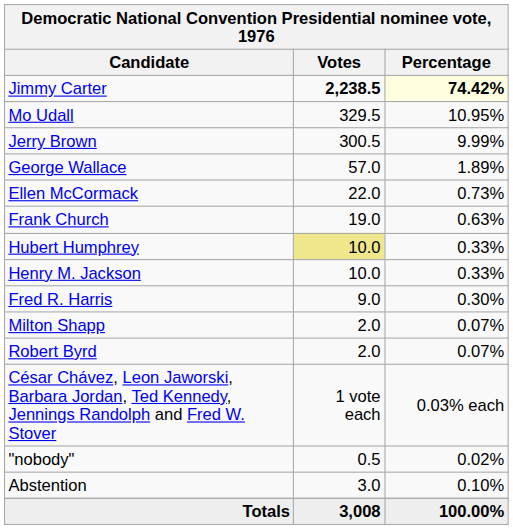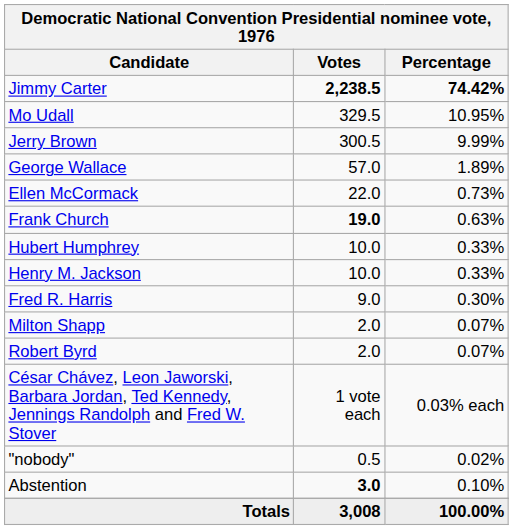 <table class="wikitable" style="font-size:95%;">
 <tr>
 <th colspan="6">Democratic National Convention Presidential nominee vote, 1976</th>
 </tr>
 <tr>
 <th style="width: 17em">Candidate</th>
 <th style="width: 5em">Votes</th>
 <th style="width: 7em">Percentage</th>
 </tr>
 <tr>
 <td><a href='#'>Jimmy Carter</a></td>
 <td style="text-align:right;"><strong>2,238.5 </strong></td>
-<td style="background: lightyellow; text-align:right;"><strong>74.42% </strong></td>
+<td style="text-align:right;"><strong>74.42% </strong></td>
 </tr>
 <tr>
 <td><a href='#'>Mo Udall</a></td>
 <td style="text-align:right;">329.5</td>
 <td style="text-align:right;">10.95%</td>
 </tr>
 <tr>
 <td><a href='#'>Jerry Brown</a></td>
 <td style="text-align:right;">300.5</td>
 <td style="text-align:right;">9.99%</td>
 </tr>
 <tr>
 <td><a href='#'>George Wallace</a></td>
 <td style="text-align:right;">57.0</td>
 <td style="text-align:right;">1.89%</td>
 </tr>
 <tr>
 <td><a href='#'>Ellen McCormack</a></td>
 <td style="text-align:right;">22.0</td>
 <td style="text-align:right;">0.73%</td>
 </tr>
 <tr>
 <td><a href='#'>Frank Church</a></td>
-<td style="text-align:right;">19.0</td>
+<td style="text-align:right;"><strong>19.0</strong></td>
 <td style="text-align:right;">0.63%</td>
 </tr>
 <tr>
 <td><a href='#'>Hubert Humphrey</a></td>
-<td style="background: khaki; text-align:right;">10.0</td>
+<td style="text-align:right;">10.0</td>
 <td style="text-align:right;">0.33%</td>
 </tr>
 <tr>
 <td><a href='#'>Henry M. Jackson</a></td>
 <td style="text-align:right;">10.0</td>
 <td style="text-align:right;">0.33%</td>
 </tr>
 <tr>
 <td><a href='#'>Fred R. Harris</a></td>
 <td style="text-align:right;">9.0</td>
 <td style="text-align:right;">0.30%</td>
 </tr>
 <tr>
 <td><a href='#'>Milton Shapp</a></td>
 <td style="text-align:right;">2.0</td>
 <td style="text-align:right;">0.07%</td>
 </tr>
 <tr>
 <td><a href='#'>Robert Byrd</a></td>
 <td style="text-align:right;">2.0</td>
 <td style="text-align:right;">0.07%</td>
 </tr>
 <tr>
 <td><a href='#'>César Chávez</a>, <a href='#'>Leon Jaworski</a>, <a href='#'>Barbara Jordan</a>, <a href='#'>Ted Kennedy</a>, <a href='#'>Jennings Randolph</a> and <a href='#'>Fred W. Stover</a></td>
 <td style="text-align:right;">1 vote each</td>
 <td style="text-align:right;">0.03% each</td>
 </tr>
 <tr>
 <td>"nobody"</td>
 <td style="text-align:right;">0.5</td>
 <td style="text-align:right;">0.02%</td>
 </tr>
 <tr>
 <td>Abstention</td>
-<td style="text-align:right;">3.0</td>
+<td style="text-align:right;"><strong>3.0</strong></td>
 <td style="text-align:right;">0.10%</td>
 </tr>
 <tr>
 </tr>
 <tr style="background:#eee; text-align:right;">
 </tr>
 <tr style="background:#eee; text-align:right;">
 <td><strong>Totals</strong></td>
 <td><strong>3,008</strong></td>
 <td><strong>100.00%</strong></td>
 </tr>
 </table>
